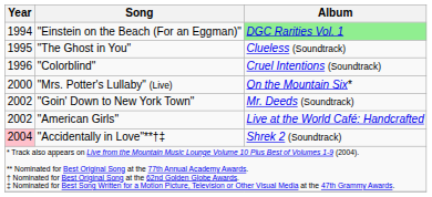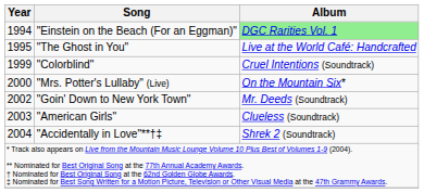 <table class="wikitable">
 <tr>
 <th>Year</th>
 <th>Song</th>
 <th>Album</th>
 </tr>
 <tr>
 <td>1994</td>
 <td>"Einstein on the Beach (For an Eggman)"</td>
 <td style="background: lightgreen;"><em><a href='#'>DGC Rarities Vol. 1</a></em></td>
 </tr>
 <tr>
 <td>1995</td>
 <td>"The Ghost in You"</td>
-<td><em><a href='#'>Clueless</a></em> <small>(Soundtrack)</small></td>
+<td><em><a href='#'>Live at the World Café: Handcrafted</a></em></td>
 </tr>
 <tr>
-<td>1996</td>
+<td>1999</td>
 <td>"Colorblind"</td>
 <td><em><a href='#'>Cruel Intentions</a></em> <small>(Soundtrack)</small></td>
 </tr>
 <tr>
 <td>2000</td>
 <td>"Mrs. Potter's Lullaby" <small>(Live)</small></td>
 <td><em><a href='#'>On the Mountain Six</a></em>*</td>
 </tr>
 <tr>
 <td>2002</td>
 <td>"Goin' Down to New York Town"</td>
 <td><em><a href='#'>Mr. Deeds</a></em> <small>(Soundtrack)</small></td>
 </tr>
 <tr>
-<td>2002</td>
+<td>2003</td>
 <td>"American Girls"</td>
-<td><em><a href='#'>Live at the World Café: Handcrafted</a></em></td>
+<td><em><a href='#'>Clueless</a></em> <small>(Soundtrack)</small></td>
 </tr>
 <tr>
-<td style="background: pink;">2004</td>
+<td>2004</td>
 <td>"Accidentally in Love"**†‡</td>
 <td><em><a href='#'>Shrek 2</a></em> <small>(Soundtrack)</small></td>
 </tr>
 <tr>
 <td colspan="10" style="font-size:8pt">* Track also appears on <em><a href='#'>Live from the Mountain Music Lounge Volume 10 Plus Best of Volumes 1-9</a></em> (2004).<br><br>&ast;&ast; Nominated for <a href='#'>Best Original Song</a> at the <a href='#'>77th Annual Academy Awards</a>.<br> † Nominated for <a href='#'>Best Original Song</a> at the <a href='#'>62nd Golden Globe Awards</a>.<br> ‡ Nominated for <a href='#'>Best Song Written for a Motion Picture, Television or Other Visual Media</a> at the <a href='#'>47th Grammy Awards</a>.</td>
 </tr>
 <tr>
 </tr>
 </table>
